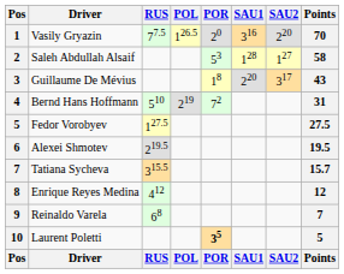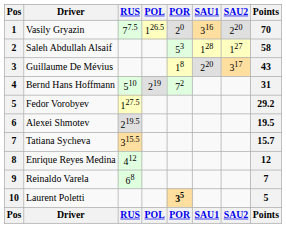 <table class="wikitable" style="font-size: 85%; text-align: center; display: inline-table;">
 <tr valign="top">
 <th valign="middle">Pos</th>
 <th valign="middle">Driver</th>
 <th><a href='#'>RUS</a><br></th>
 <th><a href='#'>POL</a><br></th>
 <th><a href='#'>POR</a><br></th>
 <th><a href='#'>SAU1</a><br></th>
 <th><a href='#'>SAU2</a><br></th>
 <th valign="middle">Points</th>
 </tr>
 <tr>
 <th>1</th>
 <td align=left> Vasily Gryazin</td>
 <td style="background:#dfffdf;">7<sup>7.5</sup></td>
 <td style="background:#ffffbf;">1<sup>26.5</sup></td>
 <td style="background:#dfdfdf;">2<sup>0</sup></td>
 <td style="background:#ffdf9f;">3<sup>16</sup></td>
 <td style="background:#dfdfdf;">2<sup>20</sup></td>
 <th>70</th>
 </tr>
 <tr>
 <th>2</th>
 <td align=left> Saleh Abdullah Alsaif</td>
 <td></td>
 <td></td>
 <td style="background:#dfffdf;">5<sup>3</sup></td>
 <td style="background:#ffffbf;">1<sup>28</sup></td>
 <td style="background:#ffffbf;">1<sup>27</sup></td>
 <th>58</th>
 </tr>
 <tr>
 <th>3</th>
 <td align=left> Guillaume De Mévius</td>
 <td></td>
 <td></td>
 <td style="background:#ffffbf;">1<sup>8</sup></td>
 <td style="background:#dfdfdf;">2<sup>20</sup></td>
 <td style="background:#ffdf9f;">3<sup>17</sup></td>
 <th>43</th>
 </tr>
 <tr>
 <th>4</th>
 <td align=left> Bernd Hans Hoffmann</td>
 <td style="background:#dfffdf;">5<sup>10</sup></td>
 <td style="background:#dfdfdf;">2<sup>19</sup></td>
 <td style="background:#dfffdf;">7<sup>2</sup></td>
 <td></td>
 <td></td>
 <th>31</th>
 </tr>
 <tr>
 <th>5</th>
 <td align=left> Fedor Vorobyev</td>
 <td style="background:#ffffbf;">1<sup>27.5</sup></td>
 <td></td>
 <td></td>
 <td></td>
 <td></td>
-<th>27.5</th>
+<th>29.2</th>
 </tr>
 <tr>
 <th>6</th>
 <td align=left> Alexei Shmotev</td>
 <td style="background:#dfdfdf;">2<sup>19.5</sup></td>
 <td></td>
 <td></td>
 <td></td>
 <td></td>
 <th>19.5</th>
 </tr>
 <tr>
 <th>7</th>
 <td align=left> Tatiana Sycheva</td>
 <td style="background:#ffdf9f;">3<sup>15.5</sup></td>
 <td></td>
 <td></td>
 <td></td>
 <td></td>
 <th>15.7</th>
 </tr>
 <tr>
 <th>8</th>
 <td align=left> Enrique Reyes Medina</td>
 <td style="background:#dfffdf;">4<sup>12</sup></td>
 <td></td>
 <td></td>
 <td></td>
 <td></td>
 <th>12</th>
 </tr>
 <tr>
 <th>9</th>
 <td align=left> Reinaldo Varela</td>
 <td style="background:#dfffdf;">6<sup>8</sup></td>
 <td></td>
 <td></td>
 <td></td>
 <td></td>
 <th>7</th>
 </tr>
 <tr>
 <th>10</th>
 <td align=left> Laurent Poletti</td>
 <td></td>
 <td></td>
 <td style="background:#ffdf9f;"><strong>3<sup>5</sup></strong></td>
 <td></td>
 <td></td>
 <th>5</th>
 </tr>
 <tr valign="top">
 <th valign="middle">Pos</th>
 <th valign="middle">Driver</th>
 <th><a href='#'>RUS</a><br></th>
 <th><a href='#'>POL</a><br></th>
 <th><a href='#'>POR</a><br></th>
 <th><a href='#'>SAU1</a><br></th>
 <th><a href='#'>SAU2</a><br></th>
 <th valign="middle">Points</th>
 </tr>
 </table>
